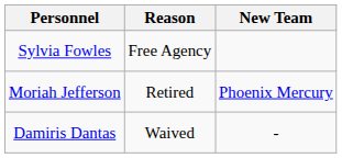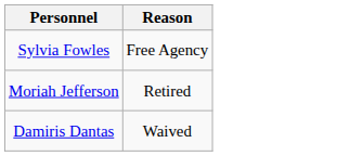 <table class="wikitable" style="text-align: center">
 <tr align="center"  bgcolor="#dddddd">
 <th><strong>Personnel</strong></th>
 <th><strong>Reason</strong></th>
-<th><strong>New Team</strong></th>
 </tr>
 <tr style="height:40px">
 <td><a href='#'>Sylvia Fowles</a></td>
 <td>Free Agency</td>
-<td></td>
 </tr>
 <tr style="height:40px">
 <td><a href='#'>Moriah Jefferson</a></td>
 <td>Retired</td>
-<td><a href='#'>Phoenix Mercury</a></td>
 </tr>
 <tr style="height:40px">
 <td><a href='#'>Damiris Dantas</a></td>
 <td>Waived</td>
-<td>-</td>
 </tr>
 </table>
